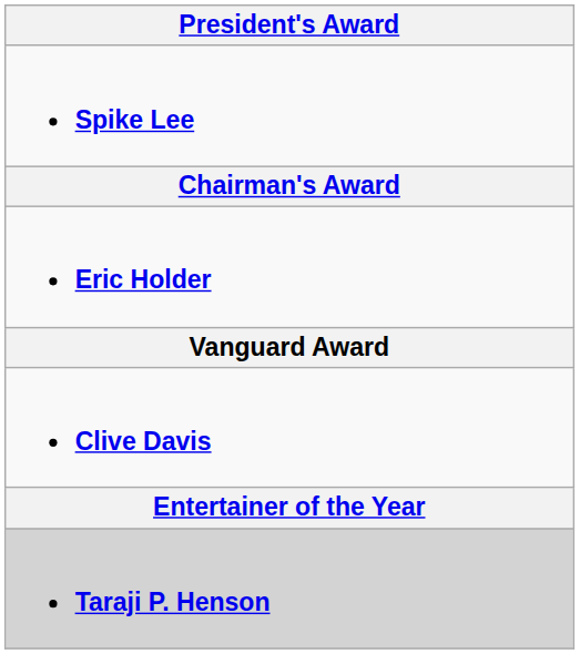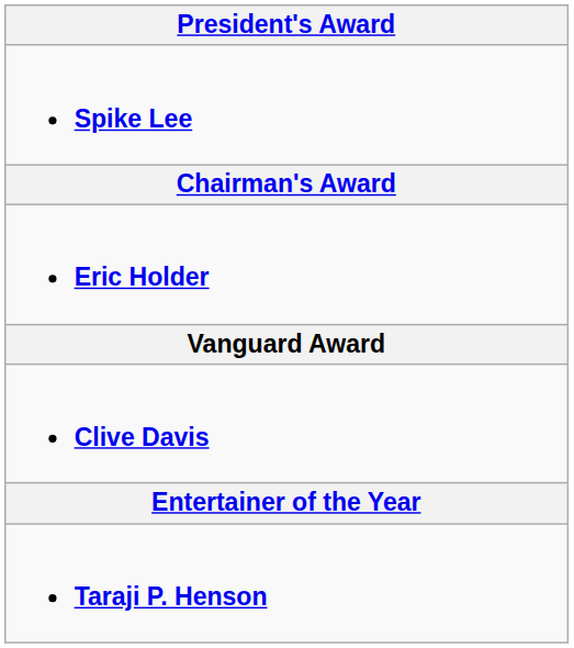 <table class="wikitable">
 <tr>
 <th style="width=50%"><a href='#'>President's Award</a></th>
 </tr>
 <tr>
 <td width="50%" valign="top"><br><ul><li><strong><a href='#'>Spike Lee</a></strong></li></ul></td>
 </tr>
 <tr>
 <th style="width=50%"><a href='#'>Chairman's Award</a></th>
 </tr>
 <tr>
 <td width="50%" valign="top"><br><ul><li><strong><a href='#'>Eric Holder</a></strong></li></ul></td>
 </tr>
 <tr>
 <th style="width=50%">Vanguard Award</th>
 </tr>
 <tr>
 <td width="50%" valign="top"><br><ul><li><strong><a href='#'>Clive Davis</a></strong></li></ul></td>
 </tr>
 <tr>
 <th style="width=50%"><a href='#'>Entertainer of the Year</a></th>
 </tr>
 <tr>
-<td width="50%" valign="top" style="background: lightgrey;"><br><ul><li><strong><a href='#'>Taraji P. Henson</a></strong></li></ul></td>
+<td width="50%" valign="top"><br><ul><li><strong><a href='#'>Taraji P. Henson</a></strong></li></ul></td>
 </tr>
 </table>
